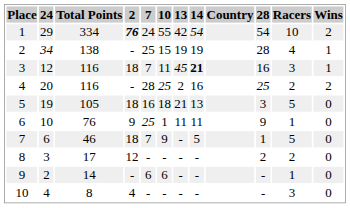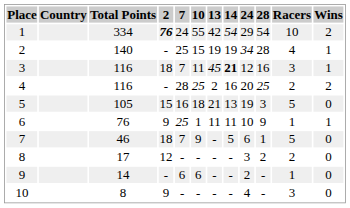 <table border="0" style="border: 1px solid #999; background-color:#FFFFFF; text-align:center">
 <tr align="center" bgcolor="#CCCCCC">
 <th>Place</th>
-<th>24</th>
+<th>Country</th>
 <th>Total Points</th>
 <th>2</th>
 <th>7</th>
 <th>10</th>
 <th>13</th>
 <th>14</th>
-<th>Country</th>
+<th>24</th>
 <th>28</th>
 <th>Racers</th>
 <th>Wins</th>
 </tr>
 <tr bgcolor="#EFEFEF">
 <td>1</td>
-<td>29</td>
+<td align="left"></td>
 <td>334</td>
 <td><strong><em>76</em></strong></td>
 <td>24</td>
 <td>55</td>
 <td>42</td>
 <td><em>54</em></td>
-<td align="left"></td>
+<td>29</td>
 <td>54</td>
 <td>10</td>
 <td>2</td>
 </tr>
 <tr>
 <td>2</td>
-<td><em>34</em></td>
-<td>138</td>
+<td align="left"></td>
+<td>140</td>
 <td>-</td>
 <td>25</td>
 <td>15</td>
 <td>19</td>
 <td>19</td>
-<td align="left"></td>
+<td><em>34</em></td>
 <td>28</td>
 <td>4</td>
 <td>1</td>
 </tr>
 <tr bgcolor="#EFEFEF">
 <td>3</td>
-<td>12</td>
+<td align="left"></td>
 <td>116</td>
 <td>18</td>
 <td>7</td>
 <td>11</td>
 <td><em>45</em></td>
 <td><strong>21</strong></td>
-<td align="left"></td>
+<td>12</td>
 <td>16</td>
 <td>3</td>
 <td>1</td>
 </tr>
 <tr>
 <td>4</td>
-<td>20</td>
+<td align="left"></td>
 <td>116</td>
 <td>-</td>
 <td>28</td>
 <td><em>25</em></td>
 <td>2</td>
 <td>16</td>
-<td align="left"></td>
+<td>20</td>
 <td><em>25</em></td>
 <td>2</td>
 <td>2</td>
 </tr>
 <tr bgcolor="#EFEFEF">
 <td>5</td>
-<td>19</td>
+<td align="left"></td>
 <td>105</td>
-<td>18</td>
+<td>15</td>
 <td>16</td>
 <td>18</td>
 <td>21</td>
 <td>13</td>
-<td align="left"></td>
+<td>19</td>
 <td>3</td>
 <td>5</td>
 <td>0</td>
 </tr>
 <tr>
 <td>6</td>
-<td>10</td>
+<td align="left"></td>
 <td>76</td>
 <td>9</td>
 <td><em>25</em></td>
 <td>1</td>
 <td>11</td>
 <td>11</td>
-<td align="left"></td>
+<td>10</td>
 <td>9</td>
 <td>1</td>
-<td>0</td>
+<td>1</td>
 </tr>
 <tr bgcolor="#EFEFEF">
 <td>7</td>
-<td>6</td>
+<td align="left"></td>
 <td>46</td>
 <td>18</td>
 <td>7</td>
 <td>9</td>
 <td>-</td>
 <td>5</td>
-<td align="left"></td>
+<td>6</td>
 <td>1</td>
 <td>5</td>
 <td>0</td>
 </tr>
 <tr>
 <td>8</td>
-<td>3</td>
+<td align="left"></td>
 <td>17</td>
 <td>12</td>
 <td>-</td>
 <td>-</td>
 <td>-</td>
 <td>-</td>
-<td align="left"></td>
+<td>3</td>
 <td>2</td>
 <td>2</td>
 <td>0</td>
 </tr>
 <tr bgcolor="#EFEFEF">
 <td>9</td>
-<td>2</td>
+<td align="left"></td>
 <td>14</td>
 <td>-</td>
 <td>6</td>
 <td>6</td>
 <td>-</td>
 <td>-</td>
-<td align="left"></td>
+<td>2</td>
 <td>-</td>
 <td>1</td>
 <td>0</td>
 </tr>
 <tr>
 <td>10</td>
-<td>4</td>
+<td align="left"></td>
 <td>8</td>
-<td>4</td>
+<td>9</td>
 <td>-</td>
 <td>-</td>
 <td>-</td>
 <td>-</td>
-<td align="left"></td>
+<td>4</td>
 <td>-</td>
 <td>3</td>
 <td>0</td>
 </tr>
 </table>
